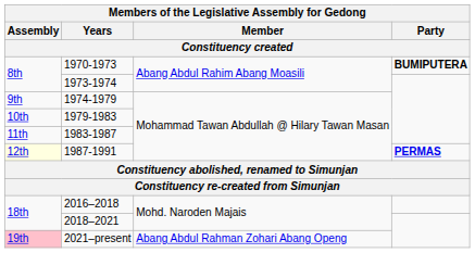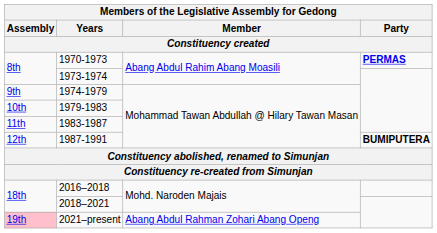 <table class=wikitable>
 <tr>
 <th colspan="4">Members of the Legislative Assembly for Gedong</th>
 </tr>
 <tr>
 <th>Assembly</th>
 <th>Years</th>
 <th>Member</th>
 <th>Party</th>
 </tr>
 <tr>
 <th colspan=4 align=center><em>Constituency created</em></th>
 </tr>
 <tr>
 <td rowspan=2><a href='#'>8th</a></td>
 <td>1970-1973</td>
 <td rowspan=2><a href='#'>Abang Abdul Rahim Abang Moasili</a></td>
-<td><strong>BUMIPUTERA</strong></td>
+<td><strong><a href='#'>PERMAS</a></strong></td>
 </tr>
 <tr>
 <td>1973-1974</td>
 <td rowspan=4></td>
 </tr>
 <tr>
 <td><a href='#'>9th</a></td>
 <td>1974-1979</td>
 <td rowspan=4>Mohammad Tawan Abdullah @ Hilary Tawan Masan</td>
 </tr>
 <tr>
 <td><a href='#'>10th</a></td>
 <td>1979-1983</td>
 </tr>
 <tr>
 <td><a href='#'>11th</a></td>
 <td>1983-1987</td>
 </tr>
 <tr>
-<td style="background: lightyellow;"><a href='#'>12th</a></td>
+<td><a href='#'>12th</a></td>
 <td>1987-1991</td>
-<td><strong><a href='#'>PERMAS</a></strong></td>
+<td><strong>BUMIPUTERA</strong></td>
 </tr>
 <tr>
 <th colspan=4 align=center><em>Constituency abolished, renamed to Simunjan</em></th>
 </tr>
 <tr>
 <th colspan=4 align=center><em>Constituency re-created from Simunjan</em></th>
 </tr>
 <tr>
 <td rowspan="2"><a href='#'>18th</a></td>
 <td>2016–2018</td>
 <td rowspan="2">Mohd. Naroden Majais</td>
 <td></td>
 </tr>
 <tr>
 <td>2018–2021</td>
 <td rowspan="2"></td>
 </tr>
 <tr>
 <td style="background: pink;"><a href='#'>19th</a></td>
 <td>2021–present</td>
 <td><a href='#'>Abang Abdul Rahman Zohari Abang Openg</a></td>
 </tr>
 </table>
